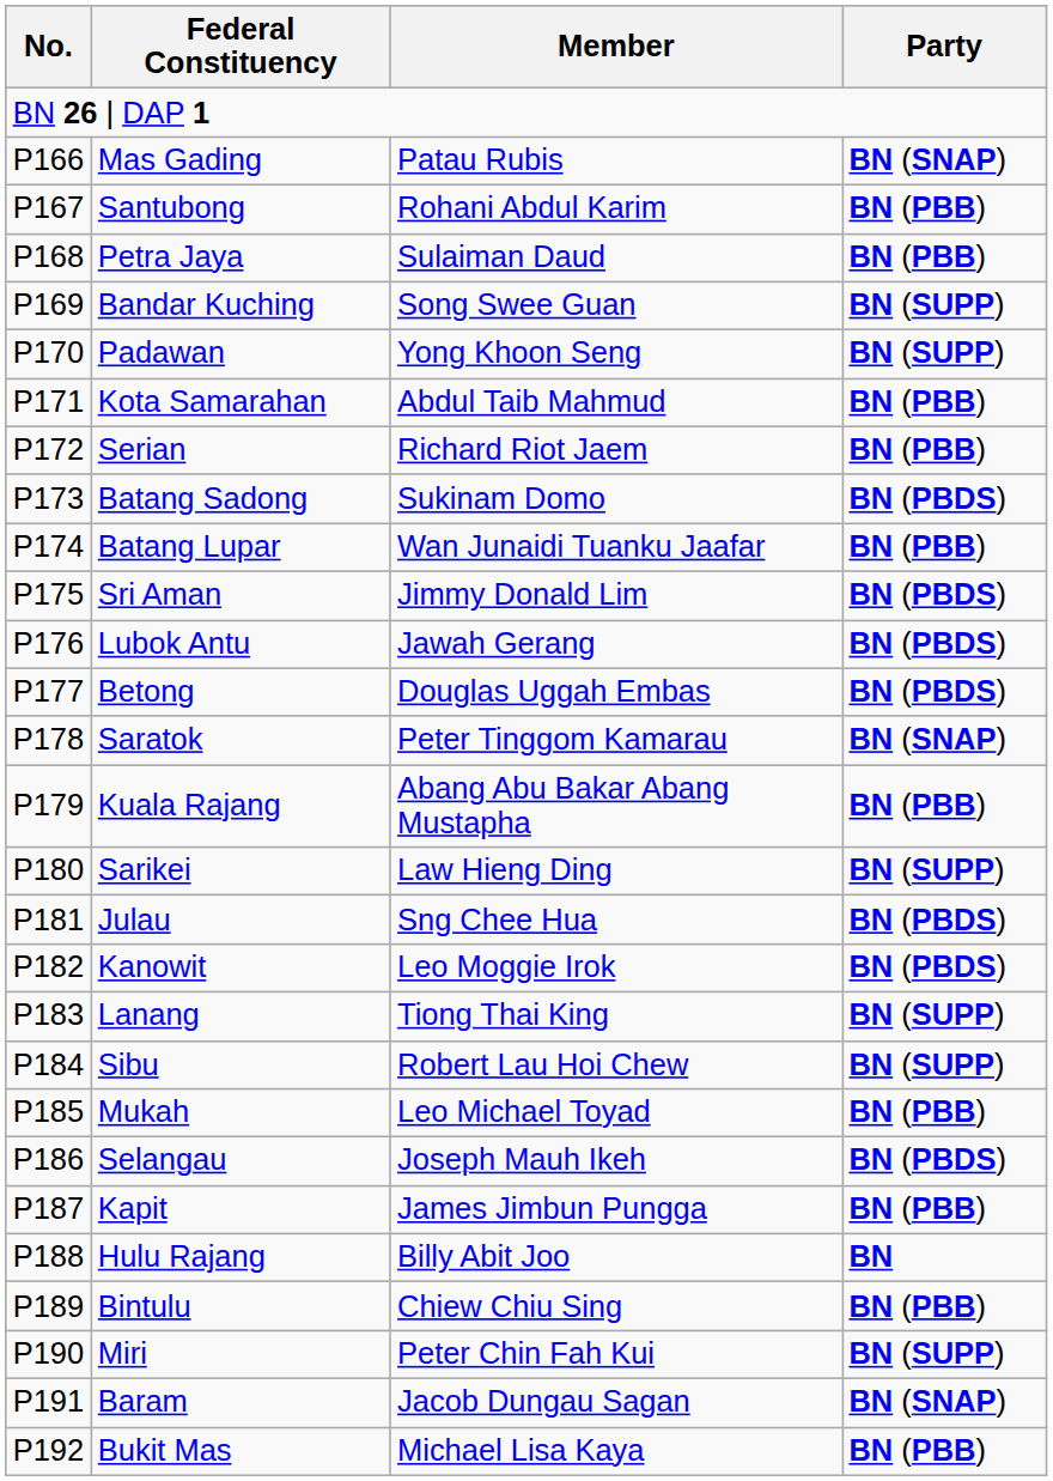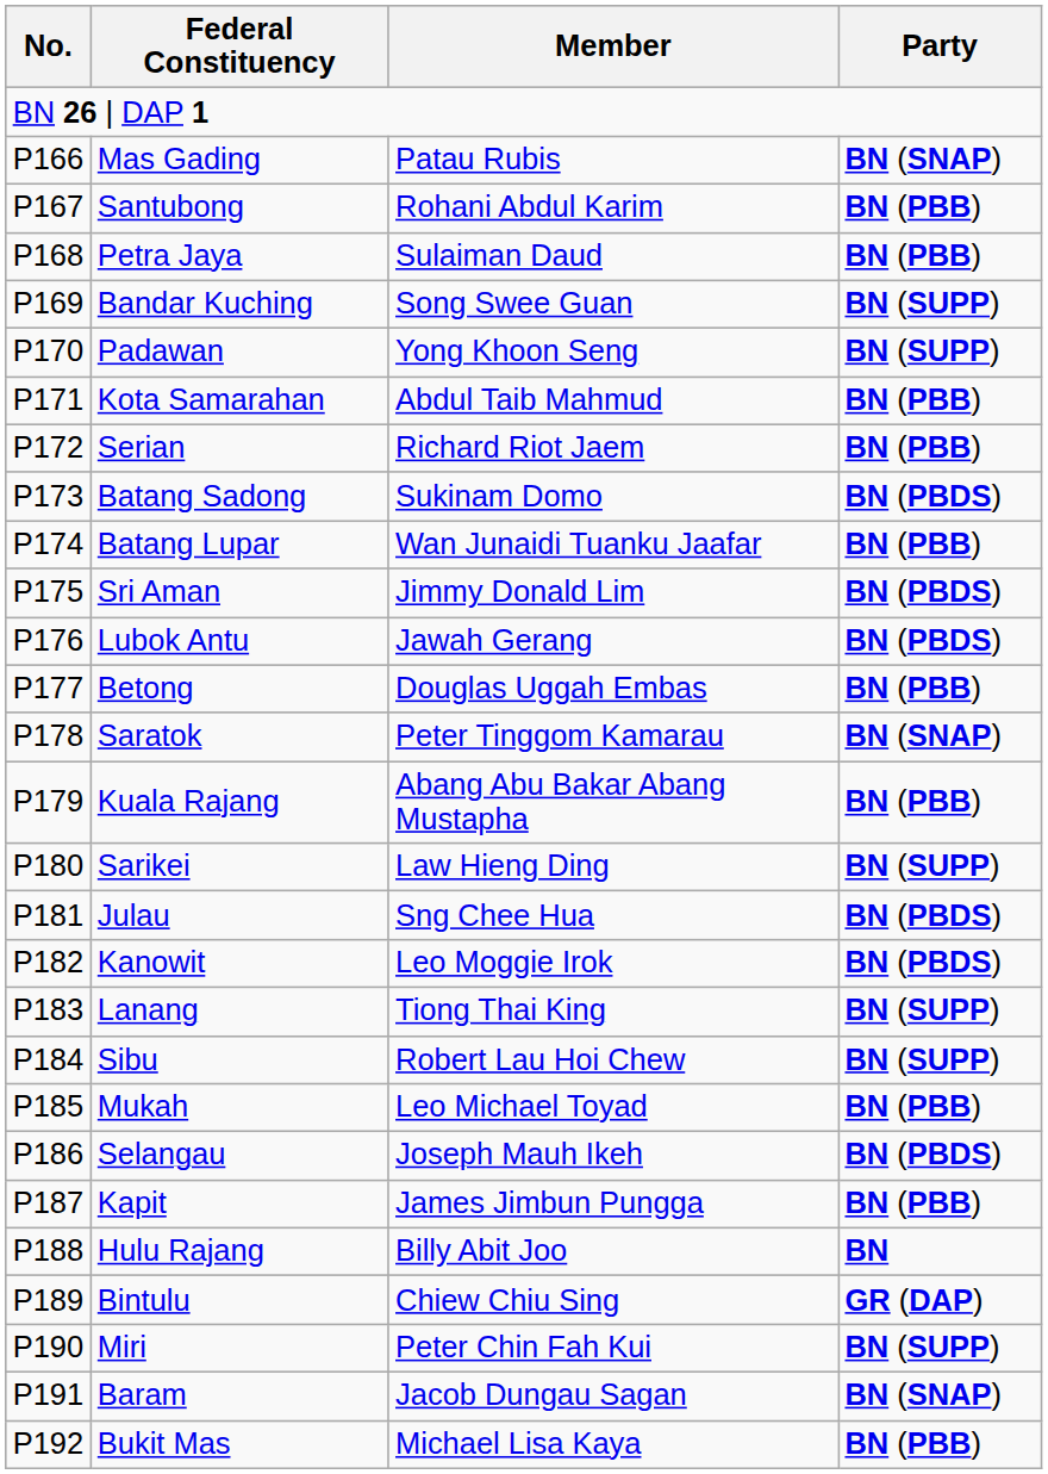 <table class="wikitable sortable">
 <tr>
 <th style="width:30px;">No.</th>
 <th style="width:150px;">Federal Constituency</th>
 <th style="width:230px;">Member</th>
 <th style="width:100px;">Party</th>
 </tr>
 <tr>
 <td colspan="4"><a href='#'>BN</a> <strong>26</strong> | <a href='#'>DAP</a> <strong>1</strong></td>
 </tr>
 <tr>
 <td>P166</td>
 <td><a href='#'>Mas Gading</a></td>
 <td><a href='#'>Patau Rubis</a></td>
 <td><strong><a href='#'>BN</a></strong> (<strong><a href='#'>SNAP</a></strong>)</td>
 </tr>
 <tr>
 <td>P167</td>
 <td><a href='#'>Santubong</a></td>
 <td><a href='#'>Rohani Abdul Karim</a></td>
 <td><strong><a href='#'>BN</a></strong> (<strong><a href='#'>PBB</a></strong>)</td>
 </tr>
 <tr>
 <td>P168</td>
 <td><a href='#'>Petra Jaya</a></td>
 <td><a href='#'>Sulaiman Daud</a></td>
 <td><strong><a href='#'>BN</a></strong> (<strong><a href='#'>PBB</a></strong>)</td>
 </tr>
 <tr>
 <td>P169</td>
 <td><a href='#'>Bandar Kuching</a></td>
 <td><a href='#'>Song Swee Guan</a></td>
 <td><strong><a href='#'>BN</a></strong> (<strong><a href='#'>SUPP</a></strong>)</td>
 </tr>
 <tr>
 <td>P170</td>
 <td><a href='#'>Padawan</a></td>
 <td><a href='#'>Yong Khoon Seng</a></td>
 <td><strong><a href='#'>BN</a></strong> (<strong><a href='#'>SUPP</a></strong>)</td>
 </tr>
 <tr>
 <td>P171</td>
 <td><a href='#'>Kota Samarahan</a></td>
 <td><a href='#'>Abdul Taib Mahmud</a></td>
 <td><strong><a href='#'>BN</a></strong> (<strong><a href='#'>PBB</a></strong>)</td>
 </tr>
 <tr>
 <td>P172</td>
 <td><a href='#'>Serian</a></td>
 <td><a href='#'>Richard Riot Jaem</a></td>
 <td><strong><a href='#'>BN</a></strong> (<strong><a href='#'>PBB</a></strong>)</td>
 </tr>
 <tr>
 <td>P173</td>
 <td><a href='#'>Batang Sadong</a></td>
 <td><a href='#'>Sukinam Domo</a></td>
 <td><strong><a href='#'>BN</a></strong> (<strong><a href='#'>PBDS</a></strong>)</td>
 </tr>
 <tr>
 <td>P174</td>
 <td><a href='#'>Batang Lupar</a></td>
 <td><a href='#'>Wan Junaidi Tuanku Jaafar</a></td>
 <td><strong><a href='#'>BN</a></strong> (<strong><a href='#'>PBB</a></strong>)</td>
 </tr>
 <tr>
 <td>P175</td>
 <td><a href='#'>Sri Aman</a></td>
 <td><a href='#'>Jimmy Donald Lim</a></td>
 <td><strong><a href='#'>BN</a></strong> (<strong><a href='#'>PBDS</a></strong>)</td>
 </tr>
 <tr>
 <td>P176</td>
 <td><a href='#'>Lubok Antu</a></td>
 <td><a href='#'>Jawah Gerang</a></td>
 <td><strong><a href='#'>BN</a></strong> (<strong><a href='#'>PBDS</a></strong>)</td>
 </tr>
 <tr>
 <td>P177</td>
 <td><a href='#'>Betong</a></td>
 <td><a href='#'>Douglas Uggah Embas</a></td>
-<td><strong><a href='#'>BN</a></strong> (<strong><a href='#'>PBDS</a></strong>)</td>
+<td><strong><a href='#'>BN</a></strong> (<strong><a href='#'>PBB</a></strong>)</td>
 </tr>
 <tr>
 <td>P178</td>
 <td><a href='#'>Saratok</a></td>
 <td><a href='#'>Peter Tinggom Kamarau</a></td>
 <td><strong><a href='#'>BN</a></strong> (<strong><a href='#'>SNAP</a></strong>)</td>
 </tr>
 <tr>
 <td>P179</td>
 <td><a href='#'>Kuala Rajang</a></td>
 <td><a href='#'>Abang Abu Bakar Abang Mustapha</a></td>
 <td><strong><a href='#'>BN</a></strong> (<strong><a href='#'>PBB</a></strong>)</td>
 </tr>
 <tr>
 <td>P180</td>
 <td><a href='#'>Sarikei</a></td>
 <td><a href='#'>Law Hieng Ding</a></td>
 <td><strong><a href='#'>BN</a></strong> (<strong><a href='#'>SUPP</a></strong>)</td>
 </tr>
 <tr>
 <td>P181</td>
 <td><a href='#'>Julau</a></td>
 <td><a href='#'>Sng Chee Hua</a></td>
 <td><strong><a href='#'>BN</a></strong> (<strong><a href='#'>PBDS</a></strong>)</td>
 </tr>
 <tr>
 <td>P182</td>
 <td><a href='#'>Kanowit</a></td>
 <td><a href='#'>Leo Moggie Irok</a></td>
 <td><strong><a href='#'>BN</a></strong> (<strong><a href='#'>PBDS</a></strong>)</td>
 </tr>
 <tr>
 <td>P183</td>
 <td><a href='#'>Lanang</a></td>
 <td><a href='#'>Tiong Thai King</a></td>
 <td><strong><a href='#'>BN</a></strong> (<strong><a href='#'>SUPP</a></strong>)</td>
 </tr>
 <tr>
 <td>P184</td>
 <td><a href='#'>Sibu</a></td>
 <td><a href='#'>Robert Lau Hoi Chew</a></td>
 <td><strong><a href='#'>BN</a></strong> (<strong><a href='#'>SUPP</a></strong>)</td>
 </tr>
 <tr>
 <td>P185</td>
 <td><a href='#'>Mukah</a></td>
 <td><a href='#'>Leo Michael Toyad</a></td>
 <td><strong><a href='#'>BN</a></strong> (<strong><a href='#'>PBB</a></strong>)</td>
 </tr>
 <tr>
 <td>P186</td>
 <td><a href='#'>Selangau</a></td>
 <td><a href='#'>Joseph Mauh Ikeh</a></td>
 <td><strong><a href='#'>BN</a></strong> (<strong><a href='#'>PBDS</a></strong>)</td>
 </tr>
 <tr>
 <td>P187</td>
 <td><a href='#'>Kapit</a></td>
 <td><a href='#'>James Jimbun Pungga</a></td>
 <td><strong><a href='#'>BN</a></strong> (<strong><a href='#'>PBB</a></strong>)</td>
 </tr>
 <tr>
 <td>P188</td>
 <td><a href='#'>Hulu Rajang</a></td>
 <td><a href='#'>Billy Abit Joo</a></td>
 <td><strong><a href='#'>BN</a></strong></td>
 </tr>
 <tr>
 <td>P189</td>
 <td><a href='#'>Bintulu</a></td>
 <td><a href='#'>Chiew Chiu Sing</a></td>
-<td><strong><a href='#'>BN</a></strong> (<strong><a href='#'>PBB</a></strong>)</td>
+<td><strong><a href='#'>GR</a></strong> (<strong><a href='#'>DAP</a></strong>)</td>
 </tr>
 <tr>
 <td>P190</td>
 <td><a href='#'>Miri</a></td>
 <td><a href='#'>Peter Chin Fah Kui</a></td>
 <td><strong><a href='#'>BN</a></strong> (<strong><a href='#'>SUPP</a></strong>)</td>
 </tr>
 <tr>
 <td>P191</td>
 <td><a href='#'>Baram</a></td>
 <td><a href='#'>Jacob Dungau Sagan</a></td>
 <td><strong><a href='#'>BN</a></strong> (<strong><a href='#'>SNAP</a></strong>)</td>
 </tr>
 <tr>
 <td>P192</td>
 <td><a href='#'>Bukit Mas</a></td>
 <td><a href='#'>Michael Lisa Kaya</a></td>
 <td><strong><a href='#'>BN</a></strong> (<strong><a href='#'>PBB</a></strong>)</td>
 </tr>
 </table>
